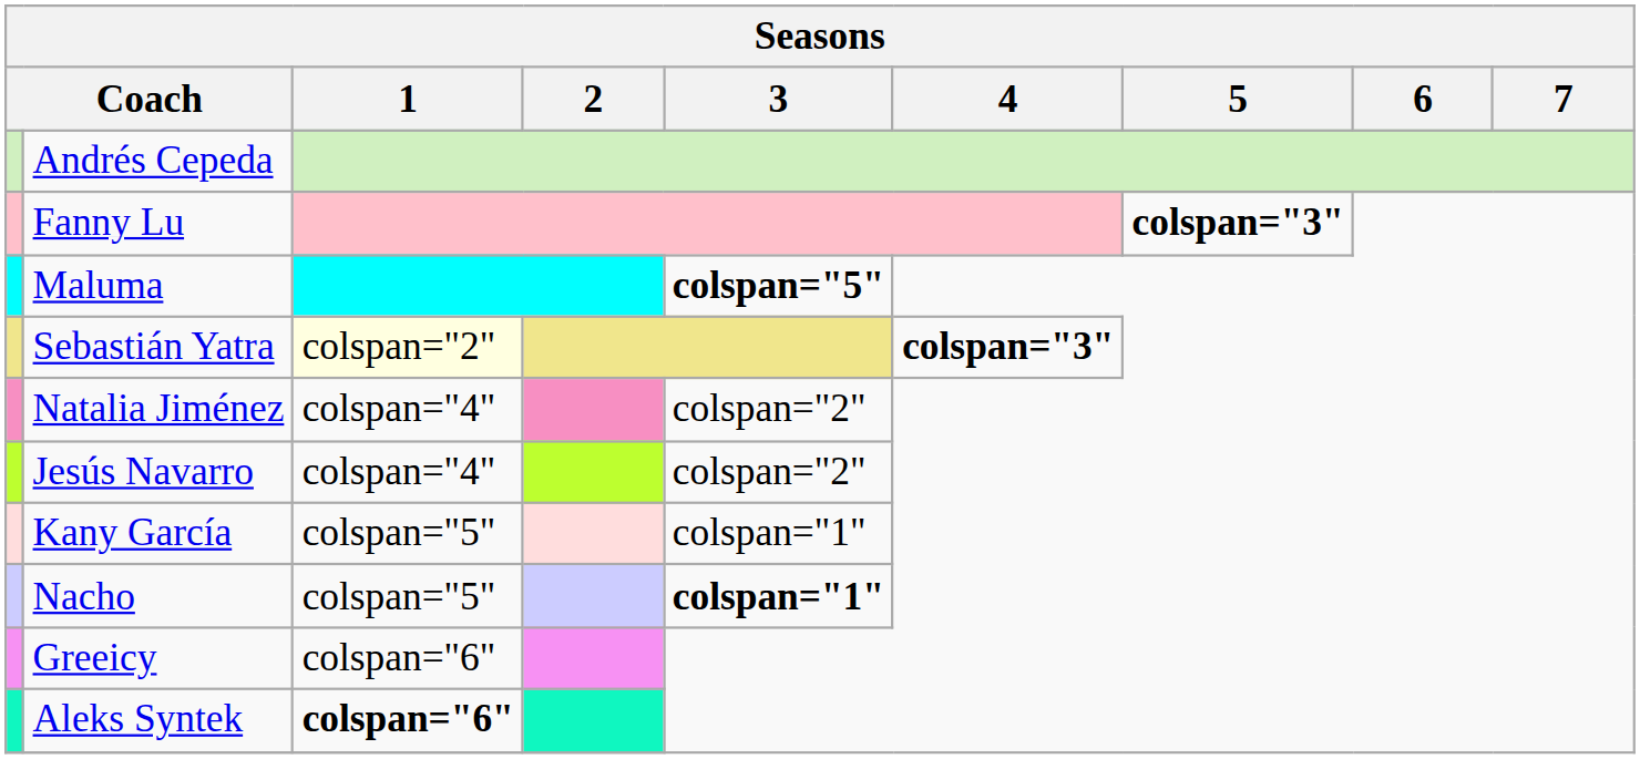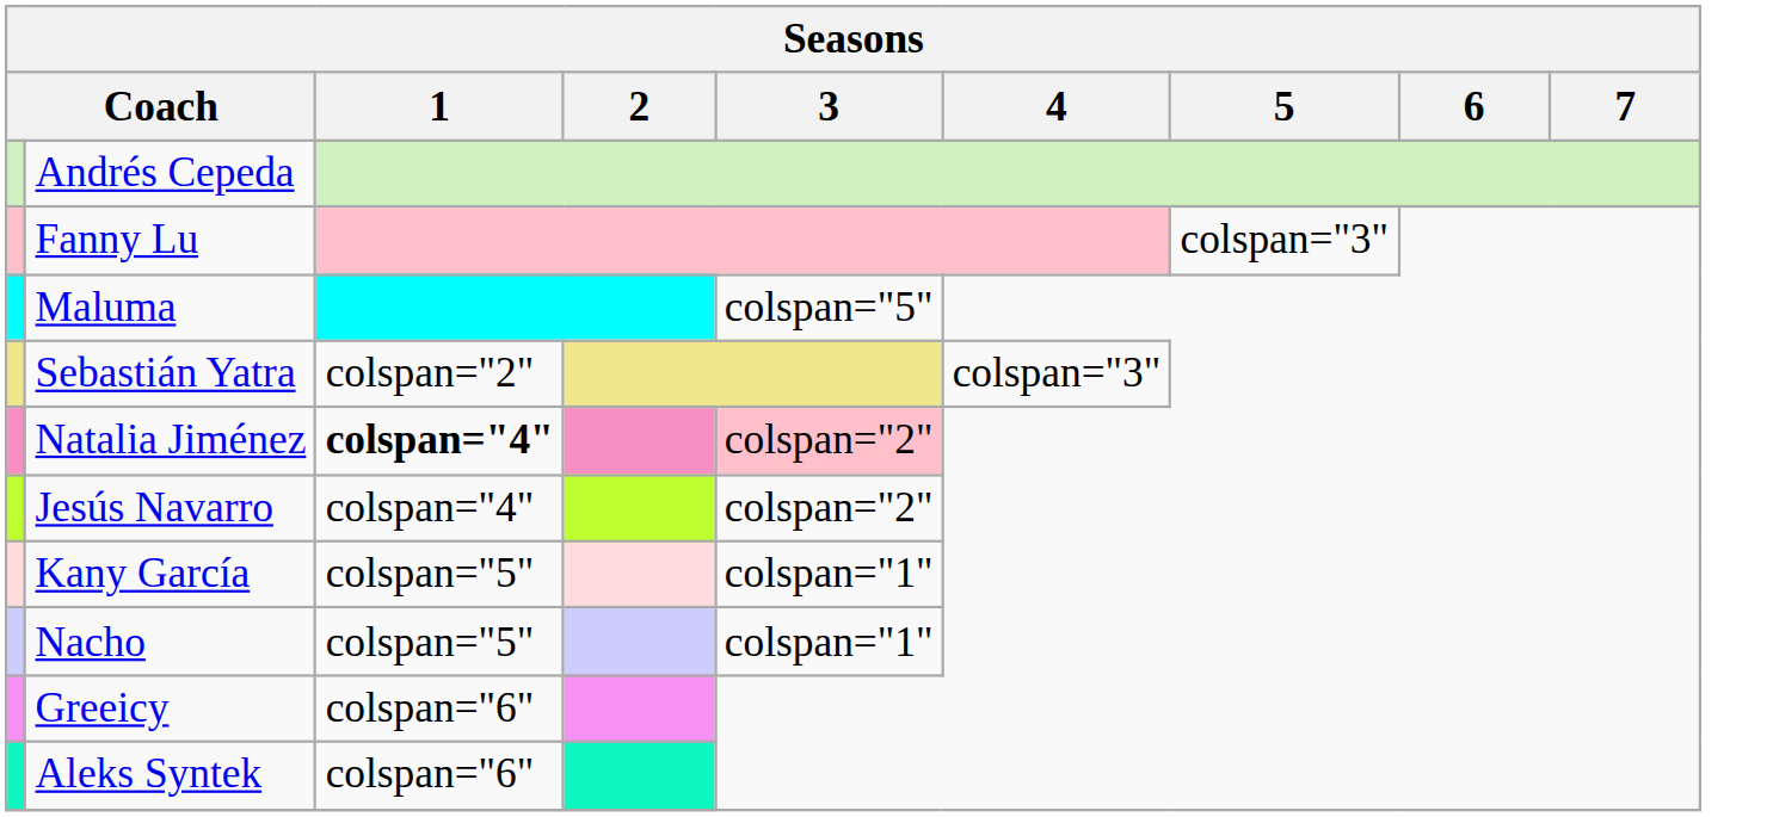 <table class="wikitable">
 <tr>
 <th colspan="14">Seasons</th>
 </tr>
 <tr>
 <th colspan="2">Coach</th>
 <th width="50">1</th>
 <th width="50">2</th>
 <th width="50">3</th>
 <th width="50">4</th>
 <th width="50">5</th>
 <th width="50">6</th>
 <th width="50">7</th>
 </tr>
 <tr>
 <td bgcolor="#d0f0c0"></td>
 <td><a href='#'>Andrés Cepeda</a></td>
 <td colspan="7" bgcolor="#d0f0c0"></td>
 </tr>
 <tr>
 <td bgcolor="pink"></td>
 <td><a href='#'>Fanny Lu</a></td>
 <td colspan="4" bgcolor="pink"></td>
-<td><strong>colspan="3" </strong></td>
+<td>colspan="3" </td>
 </tr>
 <tr>
 <td bgcolor="#00ffff"></td>
 <td><a href='#'>Maluma</a></td>
 <td colspan="2" bgcolor="#00ffff"></td>
-<td><strong>colspan="5" </strong></td>
+<td>colspan="5" </td>
 </tr>
 <tr>
 <td bgcolor="khaki"></td>
 <td><a href='#'>Sebastián Yatra</a></td>
-<td style="background: lightyellow;">colspan="2" </td>
+<td>colspan="2" </td>
 <td colspan="2" bgcolor="khaki"></td>
-<td><strong>colspan="3" </strong></td>
+<td>colspan="3" </td>
 </tr>
 <tr>
 <td bgcolor="#f78fc2"></td>
 <td><a href='#'>Natalia Jiménez</a></td>
-<td>colspan="4" </td>
+<td><strong>colspan="4" </strong></td>
 <td colspan="1" bgcolor="#f78fc2"></td>
-<td>colspan="2" </td>
+<td style="background: pink;">colspan="2" </td>
 </tr>
 <tr>
 <td bgcolor="#bdff2f"></td>
 <td><a href='#'>Jesús Navarro</a></td>
 <td>colspan="4" </td>
 <td colspan="1" bgcolor="#bdff2f"></td>
 <td>colspan="2" </td>
 </tr>
 <tr>
 <td bgcolor="#ffdddd"></td>
 <td><a href='#'>Kany García</a></td>
 <td>colspan="5" </td>
 <td style="background:#ffdddd"></td>
 <td>colspan="1" </td>
 </tr>
 <tr>
 <td bgcolor="#ccccff"></td>
 <td><a href='#'>Nacho</a></td>
 <td>colspan="5" </td>
 <td colspan="1" bgcolor="#ccccff"></td>
-<td><strong>colspan="1" </strong></td>
+<td>colspan="1" </td>
 </tr>
 <tr>
 <td bgcolor="#f791f3"></td>
 <td><a href='#'>Greeicy</a></td>
 <td>colspan="6" </td>
 <td colspan="1" bgcolor="#f791f3"></td>
 </tr>
 <tr>
 <td bgcolor="#0ff7c0"></td>
 <td><a href='#'>Aleks Syntek</a></td>
-<td><strong>colspan="6" </strong></td>
+<td>colspan="6" </td>
 <td bgcolor="#0ff7c0"></td>
 </tr>
 <tr>
 </tr>
 </table>
